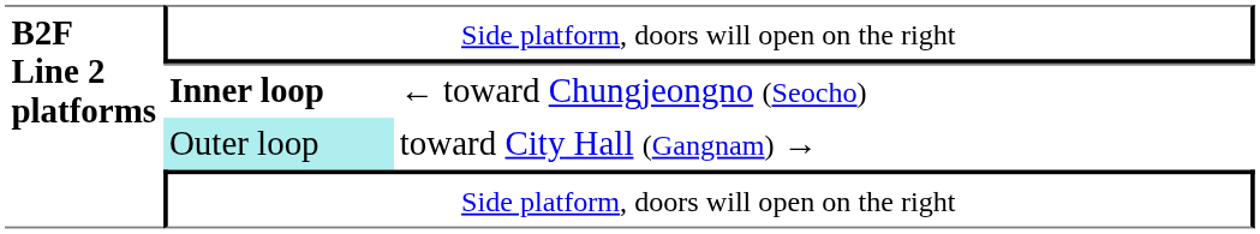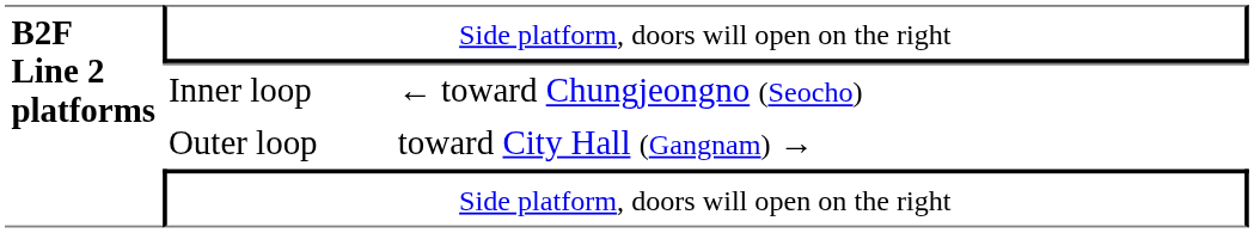 <table table border=0 cellspacing=0 cellpadding=3>
 <tr>
 <td style="border-top:solid 1px gray;border-bottom:solid 1px gray;" width=50 rowspan=10 valign=top><strong>B2F<br>Line 2 platforms</strong></td>
 <td style="border-top:solid 1px gray;border-right:solid 2px black;border-left:solid 2px black;border-bottom:solid 2px black;text-align:center;" colspan=2><small><a href='#'>Side platform</a>, doors will open on the right </small></td>
 </tr>
 <tr>
-<td style="border-bottom:solid 0px gray;border-top:solid 1px gray;" width=100><strong>Inner loop</strong></td>
+<td style="border-bottom:solid 0px gray;border-top:solid 1px gray;" width=100>Inner loop</td>
 <td style="border-bottom:solid 0px gray;border-top:solid 1px gray;" width=390>←  toward <a href='#'>Chungjeongno</a> <small>(<a href='#'>Seocho</a>)</small></td>
 </tr>
 <tr>
-<td style="background: paleturquoise;">Outer loop</td>
+<td>Outer loop</td>
 <td>  toward <a href='#'>City Hall</a> <small>(<a href='#'>Gangnam</a>)</small> →</td>
 </tr>
 <tr>
 <td style="border-top:solid 2px black;border-right:solid 2px black;border-left:solid 2px black;border-bottom:solid 1px gray;text-align:center;" colspan=2><small><a href='#'>Side platform</a>, doors will open on the right </small></td>
 </tr>
 </table>
